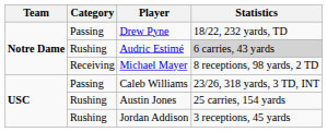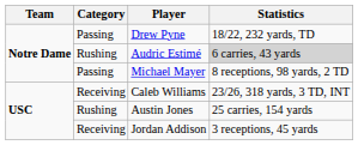 <table class="wikitable" style="float: right;">
 <tr>
 <th>Team</th>
 <th>Category</th>
 <th>Player</th>
 <th>Statistics</th>
 </tr>
 <tr>
 <td rowspan=3><strong>Notre Dame</strong></td>
 <td>Passing</td>
 <td><a href='#'>Drew Pyne</a></td>
 <td>18/22, 232 yards, TD</td>
 </tr>
 <tr>
 <td>Rushing</td>
 <td><a href='#'>Audric Estimé</a></td>
 <td style="background: lightgrey;">6 carries, 43 yards</td>
 </tr>
 <tr>
-<td>Receiving</td>
+<td>Passing</td>
 <td><a href='#'>Michael Mayer</a></td>
 <td>8 receptions, 98 yards, 2 TD</td>
 </tr>
 <tr>
 <td rowspan=3><strong>USC</strong></td>
-<td>Passing</td>
+<td>Receiving</td>
 <td>Caleb Williams</td>
 <td>23/26, 318 yards, 3 TD, INT</td>
 </tr>
 <tr>
 <td>Rushing</td>
 <td>Austin Jones</td>
 <td>25 carries, 154 yards</td>
 </tr>
 <tr>
-<td>Rushing</td>
+<td>Receiving</td>
 <td>Jordan Addison</td>
 <td>3 receptions, 45 yards</td>
 </tr>
 </table>
